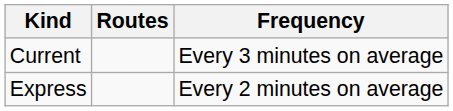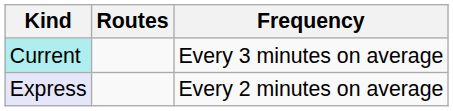 <table class="wikitable" style="margin-left: auto; margin-right: auto; border: none;">
 <tr>
 <th>Kind</th>
 <th>Routes</th>
 <th>Frequency</th>
 </tr>
 <tr>
-<td>Current</td>
+<td style="background: paleturquoise;">Current</td>
 <td></td>
 <td>Every 3 minutes on average</td>
 </tr>
 <tr>
-<td>Express</td>
+<td style="background: lavender;">Express</td>
 <td> </td>
 <td>Every 2 minutes on average</td>
 </tr>
 </table>
